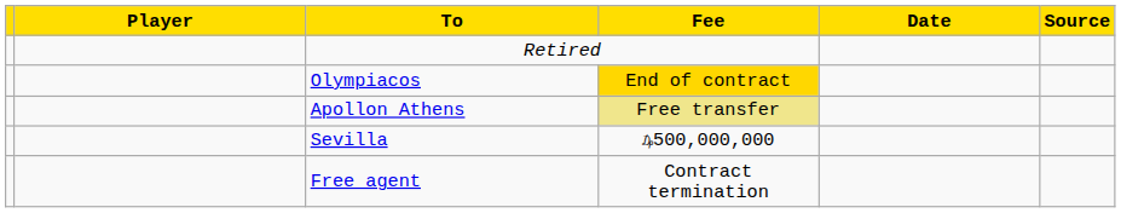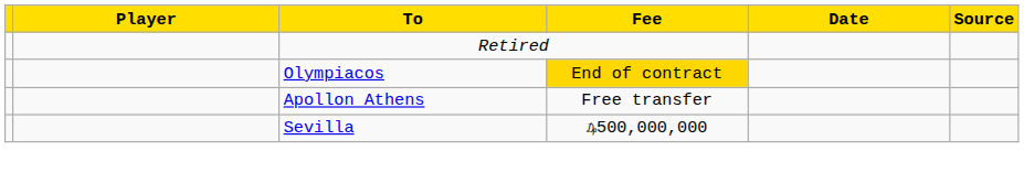 <table class="wikitable sortable">
 <tr>
 <th style="background:#FFDE00"></th>
 <th width=200 style="background:#FFDE00">Player</th>
 <th width=200 style="background:#FFDE00">To</th>
 <th width=150 style="background:#FFDE00">Fee</th>
 <th width=150 style="background:#FFDE00">Date</th>
 <th style="background:#FFDE00">Source</th>
 </tr>
 <tr>
 <td align=center></td>
 <td></td>
 <td align=center colspan=2><em>Retired</em></td>
 <td align=center></td>
 <td align=center></td>
 </tr>
 <tr>
 <td align=center></td>
 <td></td>
 <td> <a href='#'>Olympiacos</a></td>
 <td align=center style="background: gold;">End of contract</td>
 <td align=center></td>
 <td align=center></td>
 </tr>
 <tr>
 <td align=center></td>
 <td></td>
 <td> <a href='#'>Apollon Athens</a></td>
-<td align=center style="background: khaki;">Free transfer</td>
+<td align=center>Free transfer</td>
 <td align=center></td>
 <td align=center></td>
 </tr>
 <tr>
 <td align=center></td>
 <td></td>
 <td> <a href='#'>Sevilla</a></td>
 <td align=center>₯500,000,000</td>
 <td align=center></td>
 <td align=center></td>
 </tr>
-<tr>
-<td align=center></td>
-<td></td>
-<td><a href='#'>Free agent</a></td>
-<td align=center>Contract termination</td>
-<td align=center></td>
-<td align=center></td>
-</tr>
 </table>
